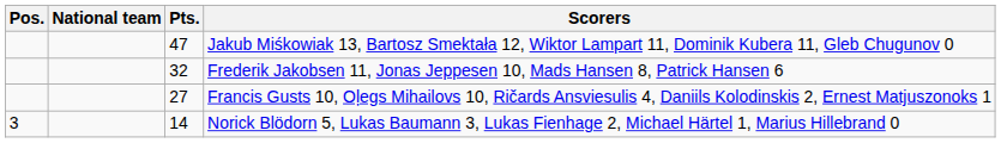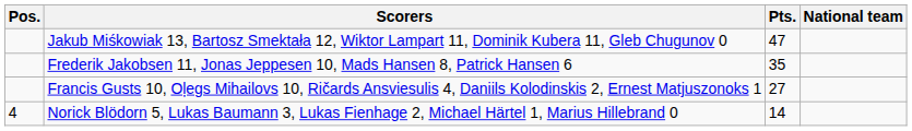 <table class=wikitable>
 <tr>
 <th>Pos.</th>
+<th>Scorers</th>
+<th>Pts.</th>
 <th>National team</th>
-<th>Pts.</th>
-<th>Scorers</th>
 </tr>
 <tr>
 <td></td>
+<td><a href='#'>Jakub Miśkowiak</a> 13, <a href='#'>Bartosz Smektała</a> 12, <a href='#'>Wiktor Lampart</a> 11, <a href='#'>Dominik Kubera</a> 11, <a href='#'>Gleb Chugunov</a> 0</td>
+<td>47</td>
 <td align=left></td>
-<td>47</td>
-<td><a href='#'>Jakub Miśkowiak</a> 13, <a href='#'>Bartosz Smektała</a> 12, <a href='#'>Wiktor Lampart</a> 11, <a href='#'>Dominik Kubera</a> 11, <a href='#'>Gleb Chugunov</a> 0</td>
 </tr>
 <tr>
 <td></td>
+<td><a href='#'>Frederik Jakobsen</a> 11, <a href='#'>Jonas Jeppesen</a> 10, <a href='#'>Mads Hansen</a> 8, <a href='#'>Patrick Hansen</a> 6</td>
+<td>35</td>
 <td align=left></td>
-<td>32</td>
-<td><a href='#'>Frederik Jakobsen</a> 11, <a href='#'>Jonas Jeppesen</a> 10, <a href='#'>Mads Hansen</a> 8, <a href='#'>Patrick Hansen</a> 6</td>
 </tr>
 <tr>
 <td></td>
+<td><a href='#'>Francis Gusts</a> 10, <a href='#'>Oļegs Mihailovs</a> 10, <a href='#'>Ričards Ansviesulis</a> 4, <a href='#'>Daniils Kolodinskis</a> 2, <a href='#'>Ernest Matjuszonoks</a> 1</td>
+<td>27</td>
 <td align=left></td>
-<td>27</td>
-<td><a href='#'>Francis Gusts</a> 10, <a href='#'>Oļegs Mihailovs</a> 10, <a href='#'>Ričards Ansviesulis</a> 4, <a href='#'>Daniils Kolodinskis</a> 2, <a href='#'>Ernest Matjuszonoks</a> 1</td>
 </tr>
 <tr>
-<td>3</td>
+<td>4</td>
+<td><a href='#'>Norick Blödorn</a> 5, <a href='#'>Lukas Baumann</a> 3, <a href='#'>Lukas Fienhage</a> 2, <a href='#'>Michael Härtel</a> 1, <a href='#'>Marius Hillebrand</a> 0</td>
+<td>14</td>
 <td align=left></td>
-<td>14</td>
-<td><a href='#'>Norick Blödorn</a> 5, <a href='#'>Lukas Baumann</a> 3, <a href='#'>Lukas Fienhage</a> 2, <a href='#'>Michael Härtel</a> 1, <a href='#'>Marius Hillebrand</a> 0</td>
 </tr>
 </table>
